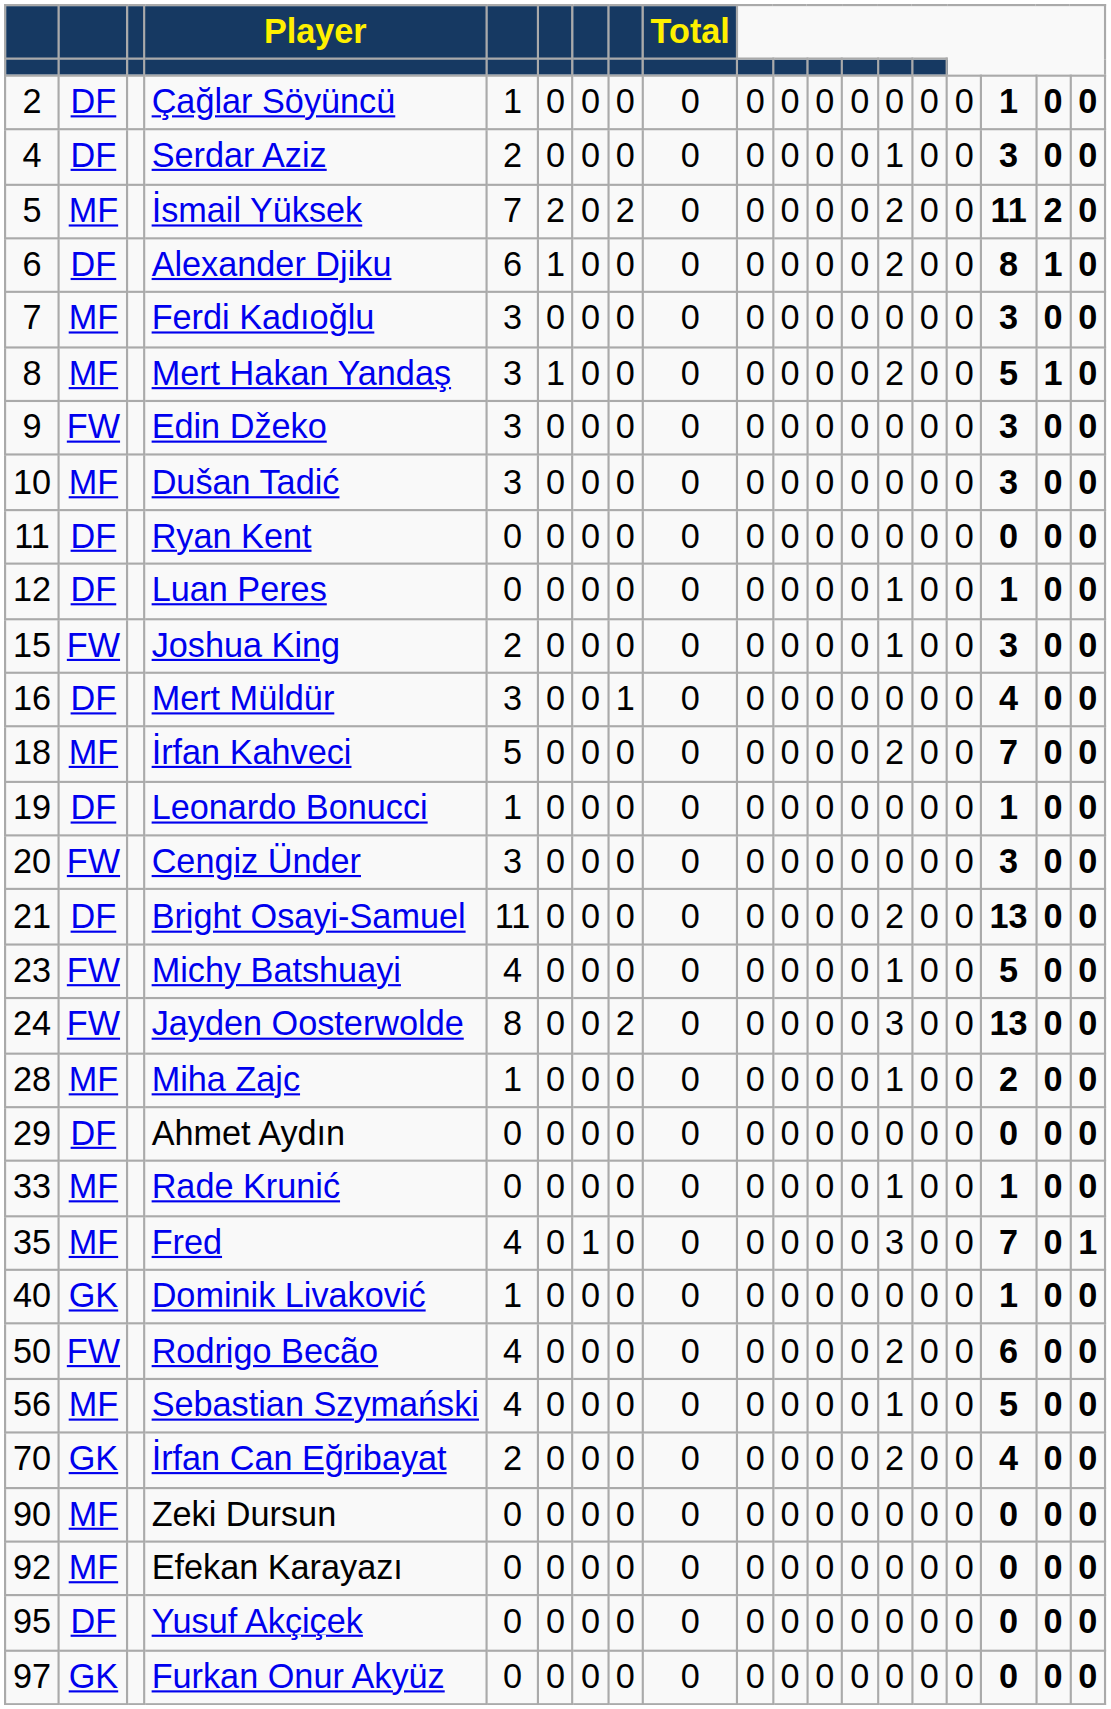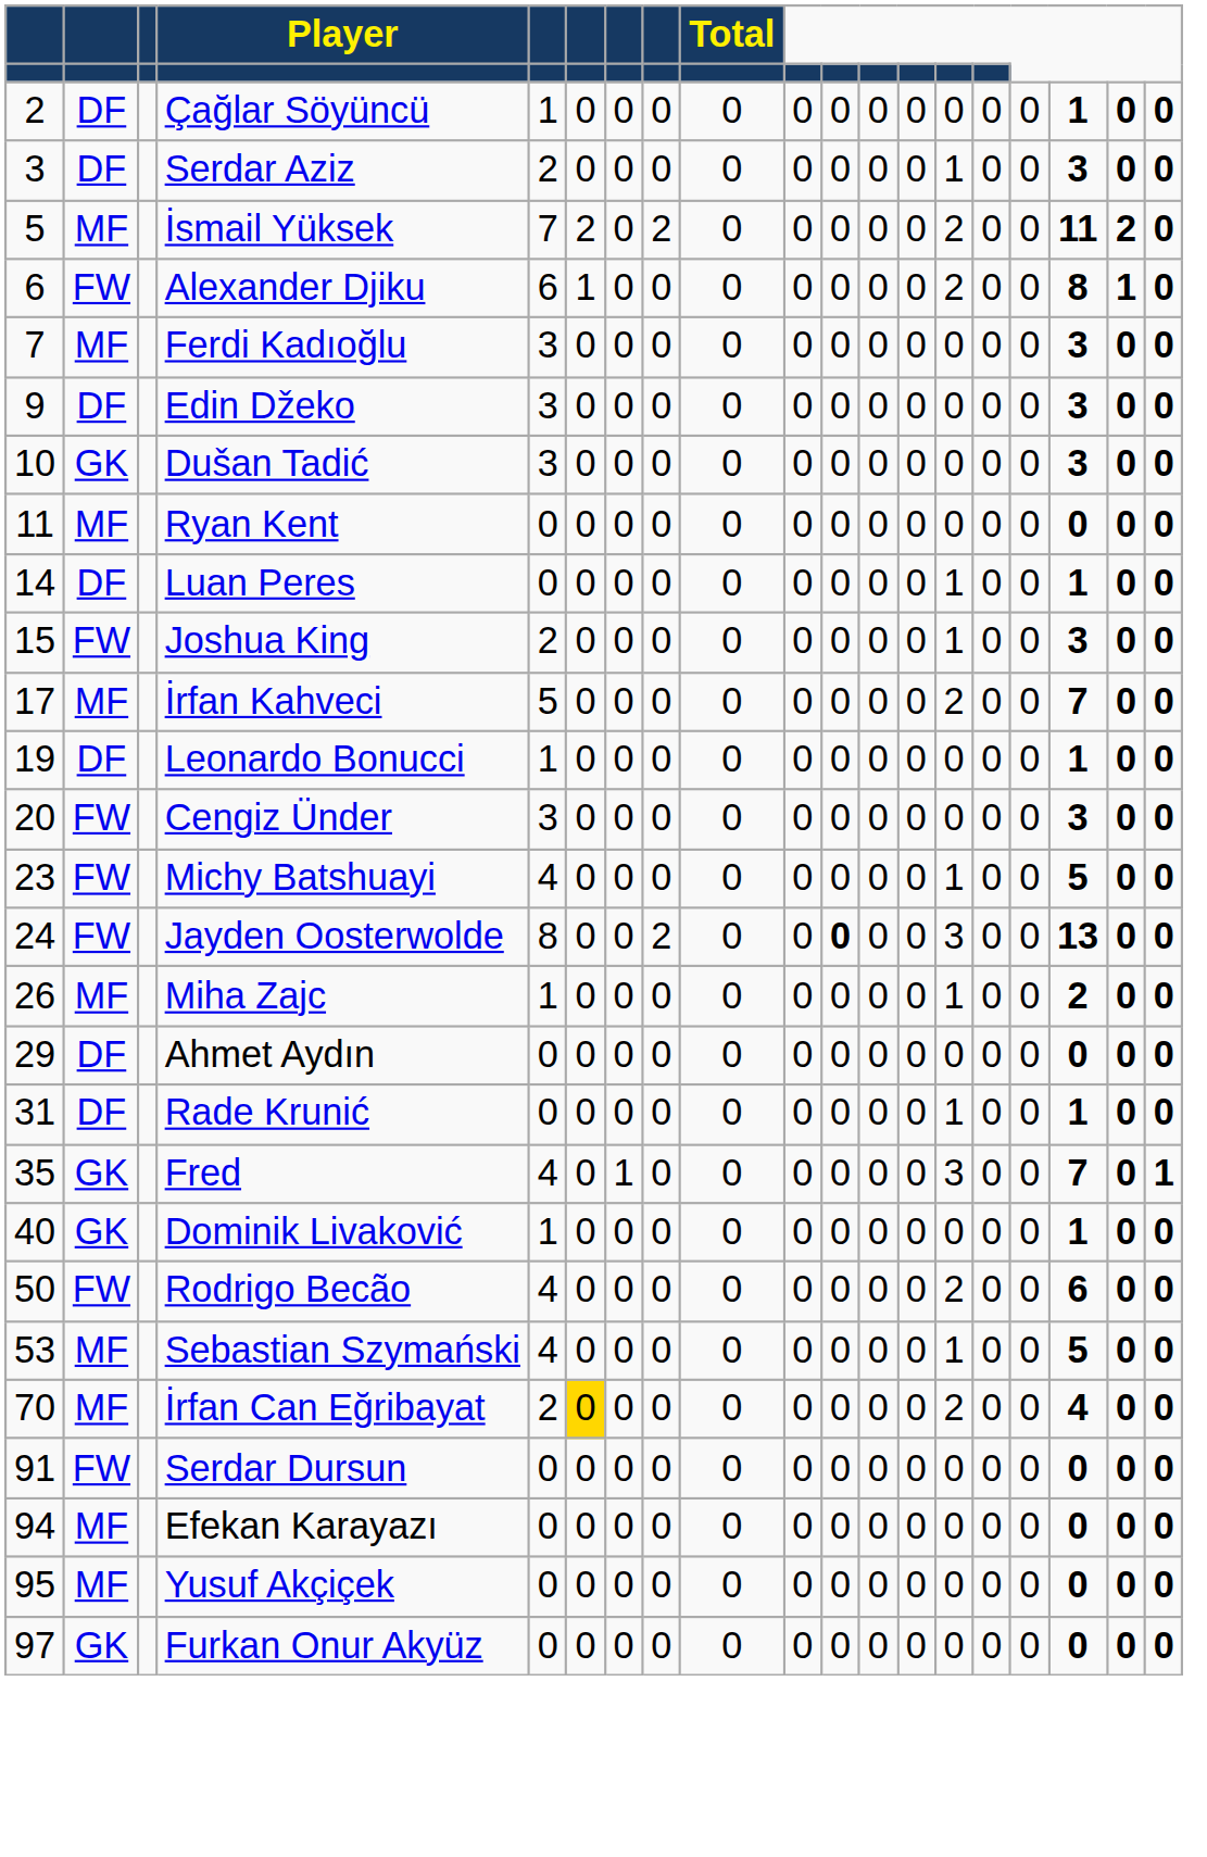 <table class="wikitable" style="text-align:center;">
 <tr>
 <th style="background:#163962; color:#FFF000; "></th>
 <th style="background:#163962; color:#FFF000; "></th>
 <th style="background:#163962; color:#FFF000; "></th>
 <th style="background:#163962; color:#FFF000; ">Player</th>
 <th style="background:#163962; color:#FFF000; "></th>
 <th style="background:#163962; color:#FFF000; "></th>
 <th style="background:#163962; color:#FFF000; "></th>
 <th style="background:#163962; color:#FFF000; "></th>
 <th style="background:#163962; color:#FFF000; ">Total</th>
 </tr>
 <tr>
 <th style="background:#163962; color:#FFF000; "></th>
 <th style="background:#163962; color:#FFF000; "></th>
 <th style="background:#163962; color:#FFF000; "></th>
 <th style="background:#163962; color:#FFF000; "></th>
 <th style="background:#163962; color:#FFF000; "></th>
 <th style="background:#163962; color:#FFF000; "></th>
 <th style="background:#163962; color:#FFF000; "></th>
 <th style="background:#163962; color:#FFF000; "></th>
 <th style="background:#163962; color:#FFF000; "></th>
 <th style="background:#163962; color:#FFF000; "></th>
 <th style="background:#163962; color:#FFF000; "></th>
 <th style="background:#163962; color:#FFF000; "></th>
 <th style="background:#163962; color:#FFF000; "></th>
 <th style="background:#163962; color:#FFF000; "></th>
 <th style="background:#163962; color:#FFF000; "></th>
 </tr>
 <tr>
 <td>2</td>
 <td><a href='#'>DF</a></td>
 <td></td>
 <td align=left><a href='#'>Çağlar Söyüncü</a></td>
 <td>1</td>
 <td>0</td>
 <td>0</td>
 <td>0</td>
 <td>0</td>
 <td>0</td>
 <td>0</td>
 <td>0</td>
 <td>0</td>
 <td>0</td>
 <td>0</td>
 <td>0</td>
 <td><strong>1</strong></td>
 <td><strong>0</strong></td>
 <td><strong>0</strong></td>
 </tr>
 <tr>
-<td>4</td>
+<td>3</td>
 <td><a href='#'>DF</a></td>
 <td></td>
 <td align=left><a href='#'>Serdar Aziz</a></td>
 <td>2</td>
 <td>0</td>
 <td>0</td>
 <td>0</td>
 <td>0</td>
 <td>0</td>
 <td>0</td>
 <td>0</td>
 <td>0</td>
 <td>1</td>
 <td>0</td>
 <td>0</td>
 <td><strong>3</strong></td>
 <td><strong>0</strong></td>
 <td><strong>0</strong></td>
 </tr>
 <tr>
 <td>5</td>
 <td><a href='#'>MF</a></td>
 <td></td>
 <td align=left><a href='#'>İsmail Yüksek</a></td>
 <td>7</td>
 <td>2</td>
 <td>0</td>
 <td>2</td>
 <td>0</td>
 <td>0</td>
 <td>0</td>
 <td>0</td>
 <td>0</td>
 <td>2</td>
 <td>0</td>
 <td>0</td>
 <td><strong>11</strong></td>
 <td><strong>2</strong></td>
 <td><strong>0</strong></td>
 </tr>
 <tr>
 <td>6</td>
-<td><a href='#'>DF</a></td>
+<td><a href='#'>FW</a></td>
 <td></td>
 <td align=left><a href='#'>Alexander Djiku</a></td>
 <td>6</td>
 <td>1</td>
 <td>0</td>
 <td>0</td>
 <td>0</td>
 <td>0</td>
 <td>0</td>
 <td>0</td>
 <td>0</td>
 <td>2</td>
 <td>0</td>
 <td>0</td>
 <td><strong>8</strong></td>
 <td><strong>1</strong></td>
 <td><strong>0</strong></td>
 </tr>
 <tr>
 <td>7</td>
 <td><a href='#'>MF</a></td>
 <td></td>
 <td align=left><a href='#'>Ferdi Kadıoğlu</a></td>
 <td>3</td>
 <td>0</td>
 <td>0</td>
 <td>0</td>
 <td>0</td>
 <td>0</td>
 <td>0</td>
 <td>0</td>
 <td>0</td>
 <td>0</td>
 <td>0</td>
 <td>0</td>
 <td><strong>3</strong></td>
 <td><strong>0</strong></td>
 <td><strong>0</strong></td>
 </tr>
 <tr>
-<td>8</td>
-<td><a href='#'>MF</a></td>
-<td></td>
-<td align=left><a href='#'>Mert Hakan Yandaş</a></td>
-<td>3</td>
-<td>1</td>
-<td>0</td>
-<td>0</td>
-<td>0</td>
-<td>0</td>
-<td>0</td>
-<td>0</td>
-<td>0</td>
-<td>2</td>
-<td>0</td>
-<td>0</td>
-<td><strong>5</strong></td>
-<td><strong>1</strong></td>
-<td><strong>0</strong></td>
-</tr>
-<tr>
 <td>9</td>
-<td><a href='#'>FW</a></td>
+<td><a href='#'>DF</a></td>
 <td></td>
 <td align=left><a href='#'>Edin Džeko</a></td>
 <td>3</td>
 <td>0</td>
 <td>0</td>
 <td>0</td>
 <td>0</td>
 <td>0</td>
 <td>0</td>
 <td>0</td>
 <td>0</td>
 <td>0</td>
 <td>0</td>
 <td>0</td>
 <td><strong>3</strong></td>
 <td><strong>0</strong></td>
 <td><strong>0</strong></td>
 </tr>
 <tr>
 <td>10</td>
-<td><a href='#'>MF</a></td>
+<td><a href='#'>GK</a></td>
 <td></td>
 <td align=left><a href='#'>Dušan Tadić</a></td>
 <td>3</td>
 <td>0</td>
 <td>0</td>
 <td>0</td>
 <td>0</td>
 <td>0</td>
 <td>0</td>
 <td>0</td>
 <td>0</td>
 <td>0</td>
 <td>0</td>
 <td>0</td>
 <td><strong>3</strong></td>
 <td><strong>0</strong></td>
 <td><strong>0</strong></td>
 </tr>
 <tr>
 <td>11</td>
-<td><a href='#'>DF</a></td>
+<td><a href='#'>MF</a></td>
 <td></td>
 <td align=left><a href='#'>Ryan Kent</a></td>
 <td>0</td>
 <td>0</td>
 <td>0</td>
 <td>0</td>
 <td>0</td>
 <td>0</td>
 <td>0</td>
 <td>0</td>
 <td>0</td>
 <td>0</td>
 <td>0</td>
 <td>0</td>
 <td><strong>0</strong></td>
 <td><strong>0</strong></td>
 <td><strong>0</strong></td>
 </tr>
 <tr>
-<td>12</td>
+<td>14</td>
 <td><a href='#'>DF</a></td>
 <td></td>
 <td align=left><a href='#'>Luan Peres</a></td>
 <td>0</td>
 <td>0</td>
 <td>0</td>
 <td>0</td>
 <td>0</td>
 <td>0</td>
 <td>0</td>
 <td>0</td>
 <td>0</td>
 <td>1</td>
 <td>0</td>
 <td>0</td>
 <td><strong>1</strong></td>
 <td><strong>0</strong></td>
 <td><strong>0</strong></td>
 </tr>
 <tr>
 <td>15</td>
 <td><a href='#'>FW</a></td>
 <td></td>
 <td align=left><a href='#'>Joshua King</a></td>
 <td>2</td>
 <td>0</td>
 <td>0</td>
 <td>0</td>
 <td>0</td>
 <td>0</td>
 <td>0</td>
 <td>0</td>
 <td>0</td>
 <td>1</td>
 <td>0</td>
 <td>0</td>
 <td><strong>3</strong></td>
 <td><strong>0</strong></td>
 <td><strong>0</strong></td>
 </tr>
 <tr>
-<td>16</td>
-<td><a href='#'>DF</a></td>
-<td></td>
-<td align=left><a href='#'>Mert Müldür</a></td>
-<td>3</td>
-<td>0</td>
-<td>0</td>
-<td>1</td>
-<td>0</td>
-<td>0</td>
-<td>0</td>
-<td>0</td>
-<td>0</td>
-<td>0</td>
-<td>0</td>
-<td>0</td>
-<td><strong>4</strong></td>
-<td><strong>0</strong></td>
-<td><strong>0</strong></td>
-</tr>
-<tr>
-<td>18</td>
+<td>17</td>
 <td><a href='#'>MF</a></td>
 <td></td>
 <td align=left><a href='#'>İrfan Kahveci</a></td>
 <td>5</td>
 <td>0</td>
 <td>0</td>
 <td>0</td>
 <td>0</td>
 <td>0</td>
 <td>0</td>
 <td>0</td>
 <td>0</td>
 <td>2</td>
 <td>0</td>
 <td>0</td>
 <td><strong>7</strong></td>
 <td><strong>0</strong></td>
 <td><strong>0</strong></td>
 </tr>
 <tr>
 <td>19</td>
 <td><a href='#'>DF</a></td>
 <td></td>
 <td align=left><a href='#'>Leonardo Bonucci</a></td>
 <td>1</td>
 <td>0</td>
 <td>0</td>
 <td>0</td>
 <td>0</td>
 <td>0</td>
 <td>0</td>
 <td>0</td>
 <td>0</td>
 <td>0</td>
 <td>0</td>
 <td>0</td>
 <td><strong>1</strong></td>
 <td><strong>0</strong></td>
 <td><strong>0</strong></td>
 </tr>
 <tr>
 <td>20</td>
 <td><a href='#'>FW</a></td>
 <td></td>
 <td align=left><a href='#'>Cengiz Ünder</a></td>
 <td>3</td>
 <td>0</td>
 <td>0</td>
 <td>0</td>
 <td>0</td>
 <td>0</td>
 <td>0</td>
 <td>0</td>
 <td>0</td>
 <td>0</td>
 <td>0</td>
 <td>0</td>
 <td><strong>3</strong></td>
 <td><strong>0</strong></td>
 <td><strong>0</strong></td>
 </tr>
 <tr>
-<td>21</td>
-<td><a href='#'>DF</a></td>
-<td></td>
-<td align=left><a href='#'>Bright Osayi-Samuel</a></td>
-<td>11</td>
-<td>0</td>
-<td>0</td>
-<td>0</td>
-<td>0</td>
-<td>0</td>
-<td>0</td>
-<td>0</td>
-<td>0</td>
-<td>2</td>
-<td>0</td>
-<td>0</td>
-<td><strong>13</strong></td>
-<td><strong>0</strong></td>
-<td><strong>0</strong></td>
-</tr>
-<tr>
 <td>23</td>
 <td><a href='#'>FW</a></td>
 <td></td>
 <td align=left><a href='#'>Michy Batshuayi</a></td>
 <td>4</td>
 <td>0</td>
 <td>0</td>
 <td>0</td>
 <td>0</td>
 <td>0</td>
 <td>0</td>
 <td>0</td>
 <td>0</td>
 <td>1</td>
 <td>0</td>
 <td>0</td>
 <td><strong>5</strong></td>
 <td><strong>0</strong></td>
 <td><strong>0</strong></td>
 </tr>
 <tr>
 <td>24</td>
 <td><a href='#'>FW</a></td>
 <td></td>
 <td align=left><a href='#'>Jayden Oosterwolde</a></td>
 <td>8</td>
 <td>0</td>
 <td>0</td>
 <td>2</td>
 <td>0</td>
 <td>0</td>
-<td>0</td>
+<td><strong>0</strong></td>
 <td>0</td>
 <td>0</td>
 <td>3</td>
 <td>0</td>
 <td>0</td>
 <td><strong>13</strong></td>
 <td><strong>0</strong></td>
 <td><strong>0</strong></td>
 </tr>
 <tr>
-<td>28</td>
+<td>26</td>
 <td><a href='#'>MF</a></td>
 <td></td>
 <td align=left><a href='#'>Miha Zajc</a></td>
 <td>1</td>
 <td>0</td>
 <td>0</td>
 <td>0</td>
 <td>0</td>
 <td>0</td>
 <td>0</td>
 <td>0</td>
 <td>0</td>
 <td>1</td>
 <td>0</td>
 <td>0</td>
 <td><strong>2</strong></td>
 <td><strong>0</strong></td>
 <td><strong>0</strong></td>
 </tr>
 <tr>
 <td>29</td>
 <td><a href='#'>DF</a></td>
 <td></td>
 <td align=left>Ahmet Aydın</td>
 <td>0</td>
 <td>0</td>
 <td>0</td>
 <td>0</td>
 <td>0</td>
 <td>0</td>
 <td>0</td>
 <td>0</td>
 <td>0</td>
 <td>0</td>
 <td>0</td>
 <td>0</td>
 <td><strong>0</strong></td>
 <td><strong>0</strong></td>
 <td><strong>0</strong></td>
 </tr>
 <tr>
-<td>33</td>
-<td><a href='#'>MF</a></td>
+<td>31</td>
+<td><a href='#'>DF</a></td>
 <td></td>
 <td align=left><a href='#'>Rade Krunić</a></td>
 <td>0</td>
 <td>0</td>
 <td>0</td>
 <td>0</td>
 <td>0</td>
 <td>0</td>
 <td>0</td>
 <td>0</td>
 <td>0</td>
 <td>1</td>
 <td>0</td>
 <td>0</td>
 <td><strong>1</strong></td>
 <td><strong>0</strong></td>
 <td><strong>0</strong></td>
 </tr>
 <tr>
 <td>35</td>
-<td><a href='#'>MF</a></td>
+<td><a href='#'>GK</a></td>
 <td></td>
 <td align=left><a href='#'>Fred</a></td>
 <td>4</td>
 <td>0</td>
 <td>1</td>
 <td>0</td>
 <td>0</td>
 <td>0</td>
 <td>0</td>
 <td>0</td>
 <td>0</td>
 <td>3</td>
 <td>0</td>
 <td>0</td>
 <td><strong>7</strong></td>
 <td><strong>0</strong></td>
 <td><strong>1</strong></td>
 </tr>
 <tr>
 <td>40</td>
 <td><a href='#'>GK</a></td>
 <td></td>
 <td align=left><a href='#'>Dominik Livaković</a></td>
 <td>1</td>
 <td>0</td>
 <td>0</td>
 <td>0</td>
 <td>0</td>
 <td>0</td>
 <td>0</td>
 <td>0</td>
 <td>0</td>
 <td>0</td>
 <td>0</td>
 <td>0</td>
 <td><strong>1</strong></td>
 <td><strong>0</strong></td>
 <td><strong>0</strong></td>
 </tr>
 <tr>
 <td>50</td>
 <td><a href='#'>FW</a></td>
 <td></td>
 <td align=left><a href='#'>Rodrigo Becão</a></td>
 <td>4</td>
 <td>0</td>
 <td>0</td>
 <td>0</td>
 <td>0</td>
 <td>0</td>
 <td>0</td>
 <td>0</td>
 <td>0</td>
 <td>2</td>
 <td>0</td>
 <td>0</td>
 <td><strong>6</strong></td>
 <td><strong>0</strong></td>
 <td><strong>0</strong></td>
 </tr>
 <tr>
-<td>56</td>
+<td>53</td>
 <td><a href='#'>MF</a></td>
 <td></td>
 <td align=left><a href='#'>Sebastian Szymański</a></td>
 <td>4</td>
 <td>0</td>
 <td>0</td>
 <td>0</td>
 <td>0</td>
 <td>0</td>
 <td>0</td>
 <td>0</td>
 <td>0</td>
 <td>1</td>
 <td>0</td>
 <td>0</td>
 <td><strong>5</strong></td>
 <td><strong>0</strong></td>
 <td><strong>0</strong></td>
 </tr>
 <tr>
 <td>70</td>
-<td><a href='#'>GK</a></td>
+<td><a href='#'>MF</a></td>
 <td></td>
 <td align=left><a href='#'>İrfan Can Eğribayat</a></td>
 <td>2</td>
-<td>0</td>
+<td style="background: gold;">0</td>
 <td>0</td>
 <td>0</td>
 <td>0</td>
 <td>0</td>
 <td>0</td>
 <td>0</td>
 <td>0</td>
 <td>2</td>
 <td>0</td>
 <td>0</td>
 <td><strong>4</strong></td>
 <td><strong>0</strong></td>
 <td><strong>0</strong></td>
 </tr>
 <tr>
-<td>90</td>
-<td><a href='#'>MF</a></td>
+<td>91</td>
+<td><a href='#'>FW</a></td>
 <td></td>
-<td align=left>Zeki Dursun</td>
+<td align=left><a href='#'>Serdar Dursun</a></td>
 <td>0</td>
 <td>0</td>
 <td>0</td>
 <td>0</td>
 <td>0</td>
 <td>0</td>
 <td>0</td>
 <td>0</td>
 <td>0</td>
 <td>0</td>
 <td>0</td>
 <td>0</td>
 <td><strong>0</strong></td>
 <td><strong>0</strong></td>
 <td><strong>0</strong></td>
 </tr>
 <tr>
-<td>92</td>
+<td>94</td>
 <td><a href='#'>MF</a></td>
 <td></td>
 <td align=left>Efekan Karayazı</td>
 <td>0</td>
 <td>0</td>
 <td>0</td>
 <td>0</td>
 <td>0</td>
 <td>0</td>
 <td>0</td>
 <td>0</td>
 <td>0</td>
 <td>0</td>
 <td>0</td>
 <td>0</td>
 <td><strong>0</strong></td>
 <td><strong>0</strong></td>
 <td><strong>0</strong></td>
 </tr>
 <tr>
 <td>95</td>
-<td><a href='#'>DF</a></td>
+<td><a href='#'>MF</a></td>
 <td></td>
 <td align=left><a href='#'>Yusuf Akçiçek</a></td>
 <td>0</td>
 <td>0</td>
 <td>0</td>
 <td>0</td>
 <td>0</td>
 <td>0</td>
 <td>0</td>
 <td>0</td>
 <td>0</td>
 <td>0</td>
 <td>0</td>
 <td>0</td>
 <td><strong>0</strong></td>
 <td><strong>0</strong></td>
 <td><strong>0</strong></td>
 </tr>
 <tr>
 <td>97</td>
 <td><a href='#'>GK</a></td>
 <td></td>
 <td align=left><a href='#'>Furkan Onur Akyüz</a></td>
 <td>0</td>
 <td>0</td>
 <td>0</td>
 <td>0</td>
 <td>0</td>
 <td>0</td>
 <td>0</td>
 <td>0</td>
 <td>0</td>
 <td>0</td>
 <td>0</td>
 <td>0</td>
 <td><strong>0</strong></td>
 <td><strong>0</strong></td>
 <td><strong>0</strong></td>
 </tr>
 </table>
